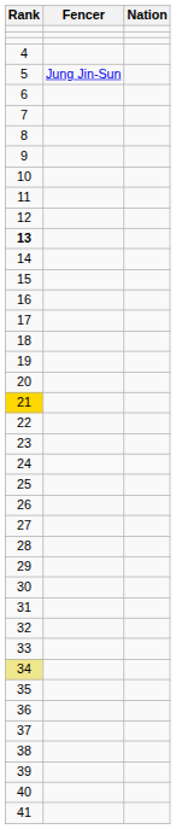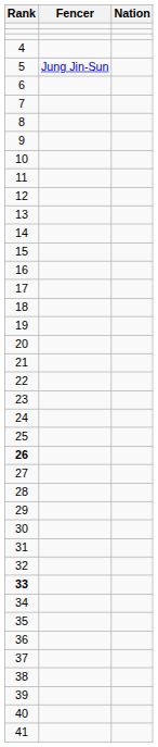 <table class="wikitable sortable" style="text-align:center">
 <tr>
 <th>Rank</th>
 <th>Fencer</th>
 <th>Nation</th>
 </tr>
 <tr>
 <td></td>
 <td align=left></td>
 <td align=left></td>
 </tr>
 <tr>
 <td></td>
 <td align=left></td>
 <td align=left></td>
 </tr>
 <tr>
 <td></td>
 <td align=left></td>
 <td align=left></td>
 </tr>
 <tr>
 <td>4</td>
 <td align=left></td>
 <td align=left></td>
 </tr>
 <tr>
 <td>5</td>
 <td align=left><a href='#'>Jung Jin-Sun</a></td>
 <td align=left></td>
 </tr>
 <tr>
 <td>6</td>
 <td align=left></td>
 <td align=left></td>
 </tr>
 <tr>
 <td>7</td>
 <td align=left></td>
 <td align=left></td>
 </tr>
 <tr>
 <td>8</td>
 <td align=left></td>
 <td align=left></td>
 </tr>
 <tr>
 <td>9</td>
 <td align=left></td>
 <td align=left></td>
 </tr>
 <tr>
 <td>10</td>
 <td align=left></td>
 <td align=left></td>
 </tr>
 <tr>
 <td>11</td>
 <td align=left></td>
 <td align=left></td>
 </tr>
 <tr>
 <td>12</td>
 <td align=left></td>
 <td align=left></td>
 </tr>
 <tr>
-<td><strong>13</strong></td>
+<td>13</td>
 <td align=left></td>
 <td align=left></td>
 </tr>
 <tr>
 <td>14</td>
 <td align=left></td>
 <td align=left></td>
 </tr>
 <tr>
 <td>15</td>
 <td align=left></td>
 <td align=left></td>
 </tr>
 <tr>
 <td>16</td>
 <td align=left></td>
 <td align=left></td>
 </tr>
 <tr>
 <td>17</td>
 <td align=left></td>
 <td align=left></td>
 </tr>
 <tr>
 <td>18</td>
 <td align=left></td>
 <td align=left></td>
 </tr>
 <tr>
 <td>19</td>
 <td align=left></td>
 <td align=left></td>
 </tr>
 <tr>
 <td>20</td>
 <td align=left></td>
 <td align=left></td>
 </tr>
 <tr>
-<td style="background: gold;">21</td>
+<td>21</td>
 <td align=left></td>
 <td align=left></td>
 </tr>
 <tr>
 <td>22</td>
 <td align=left></td>
 <td align=left></td>
 </tr>
 <tr>
 <td>23</td>
 <td align=left></td>
 <td align=left></td>
 </tr>
 <tr>
 <td>24</td>
 <td align=left></td>
 <td align=left></td>
 </tr>
 <tr>
 <td>25</td>
 <td align=left></td>
 <td align=left></td>
 </tr>
 <tr>
-<td>26</td>
+<td><strong>26</strong></td>
 <td align=left></td>
 <td align=left></td>
 </tr>
 <tr>
 <td>27</td>
 <td align=left></td>
 <td align=left></td>
 </tr>
 <tr>
 <td>28</td>
 <td align=left></td>
 <td align=left></td>
 </tr>
 <tr>
 <td>29</td>
 <td align=left></td>
 <td align=left></td>
 </tr>
 <tr>
 <td>30</td>
 <td align=left></td>
 <td align=left></td>
 </tr>
 <tr>
 <td>31</td>
 <td align=left></td>
 <td align=left></td>
 </tr>
 <tr>
 <td>32</td>
 <td align=left></td>
 <td align=left></td>
 </tr>
 <tr>
-<td>33</td>
+<td><strong>33</strong></td>
 <td align=left></td>
 <td align=left></td>
 </tr>
 <tr>
-<td style="background: khaki;">34</td>
+<td>34</td>
 <td align=left></td>
 <td align=left></td>
 </tr>
 <tr>
 <td>35</td>
 <td align=left></td>
 <td align=left></td>
 </tr>
 <tr>
 <td>36</td>
 <td align=left></td>
 <td align=left></td>
 </tr>
 <tr>
 <td>37</td>
 <td align=left></td>
 <td align=left></td>
 </tr>
 <tr>
 <td>38</td>
 <td align=left></td>
 <td align=left></td>
 </tr>
 <tr>
 <td>39</td>
 <td align=left></td>
 <td align=left></td>
 </tr>
 <tr>
 <td>40</td>
 <td align=left></td>
 <td align=left></td>
 </tr>
 <tr>
 <td>41</td>
 <td align=left></td>
 <td align=left></td>
 </tr>
 </table>
